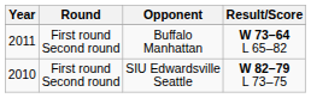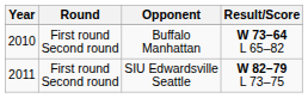 <table class="wikitable" style="text-align:center;">
 <tr>
 <th>Year</th>
 <th>Round</th>
 <th>Opponent</th>
 <th>Result/Score</th>
 </tr>
 <tr>
 </tr>
 <tr>
-<td>2011</td>
+<td>2010</td>
 <td>First round <br> Second round</td>
 <td>Buffalo <br> Manhattan</td>
 <td><strong>W 73–64</strong> <br>  L 65–82</td>
 </tr>
 <tr>
-<td>2010</td>
+<td>2011</td>
 <td>First round <br> Second round</td>
 <td>SIU Edwardsville <br> Seattle</td>
 <td><strong>W 82–79</strong> <br>  L 73–75</td>
 </tr>
 </table>
